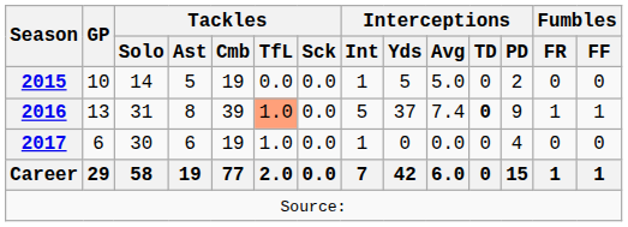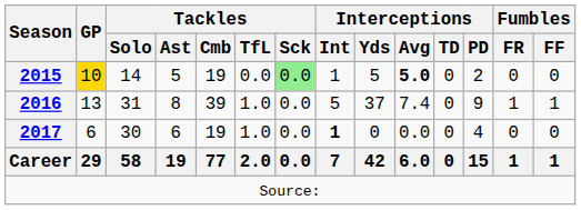 <table class="wikitable" style="text-align: center;">
 <tr>
 <th rowspan="2">Season</th>
 <th rowspan="2">GP</th>
 <th colspan="5">Tackles</th>
 <th colspan="5">Interceptions</th>
 <th colspan="2">Fumbles</th>
 </tr>
 <tr>
 <th>Solo</th>
 <th>Ast</th>
 <th>Cmb</th>
 <th>TfL</th>
 <th>Sck</th>
 <th>Int</th>
 <th>Yds</th>
 <th>Avg</th>
 <th>TD</th>
 <th>PD</th>
 <th>FR</th>
 <th>FF</th>
 </tr>
 <tr>
 <th><a href='#'>2015</a></th>
-<td>10</td>
+<td style="background: gold;">10</td>
 <td>14</td>
 <td>5</td>
 <td>19</td>
 <td>0.0</td>
-<td>0.0</td>
+<td style="background: lightgreen;">0.0</td>
 <td>1</td>
 <td>5</td>
-<td>5.0</td>
+<td><strong>5.0</strong></td>
 <td>0</td>
 <td>2</td>
 <td>0</td>
 <td>0</td>
 </tr>
 <tr>
 <th><a href='#'>2016</a></th>
 <td>13</td>
 <td>31</td>
 <td>8</td>
 <td>39</td>
-<td style="background: lightsalmon;">1.0</td>
+<td>1.0</td>
 <td>0.0</td>
 <td>5</td>
 <td>37</td>
 <td>7.4</td>
-<td><strong>0</strong></td>
+<td>0</td>
 <td>9</td>
 <td>1</td>
 <td>1</td>
 </tr>
 <tr>
 <th><a href='#'>2017</a></th>
 <td>6</td>
 <td>30</td>
 <td>6</td>
 <td>19</td>
 <td>1.0</td>
 <td>0.0</td>
-<td>1</td>
+<td><strong>1</strong></td>
 <td>0</td>
 <td>0.0</td>
 <td>0</td>
 <td>4</td>
 <td>0</td>
 <td>0</td>
 </tr>
 <tr>
 <th>Career</th>
 <th>29</th>
 <th>58</th>
 <th>19</th>
 <th>77</th>
 <th>2.0</th>
 <th>0.0</th>
 <th>7</th>
 <th>42</th>
 <th>6.0</th>
 <th>0</th>
 <th>15</th>
 <th>1</th>
 <th>1</th>
 </tr>
 <tr>
 <td colspan="14"><small>Source: </small></td>
 </tr>
 </table>
